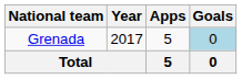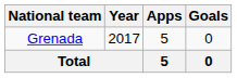 <table class="wikitable" style="text-align:center">
 <tr>
 <th>National team</th>
 <th>Year</th>
 <th>Apps</th>
 <th>Goals</th>
 </tr>
 <tr>
 <td rowspan="1"><a href='#'>Grenada</a></td>
 <td>2017</td>
 <td>5</td>
-<td style="background: lightblue;">0</td>
+<td>0</td>
 </tr>
 <tr>
 <th colspan=2>Total</th>
 <th>5</th>
 <th>0</th>
 </tr>
 </table>
